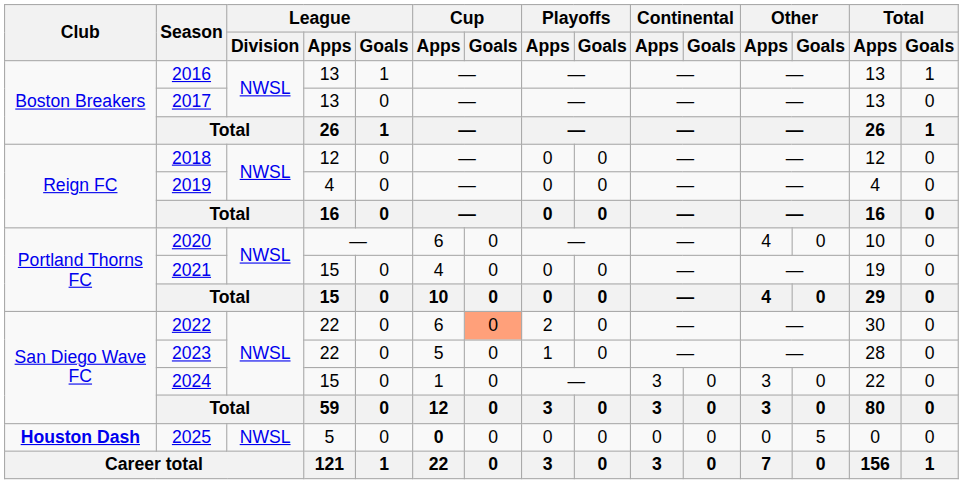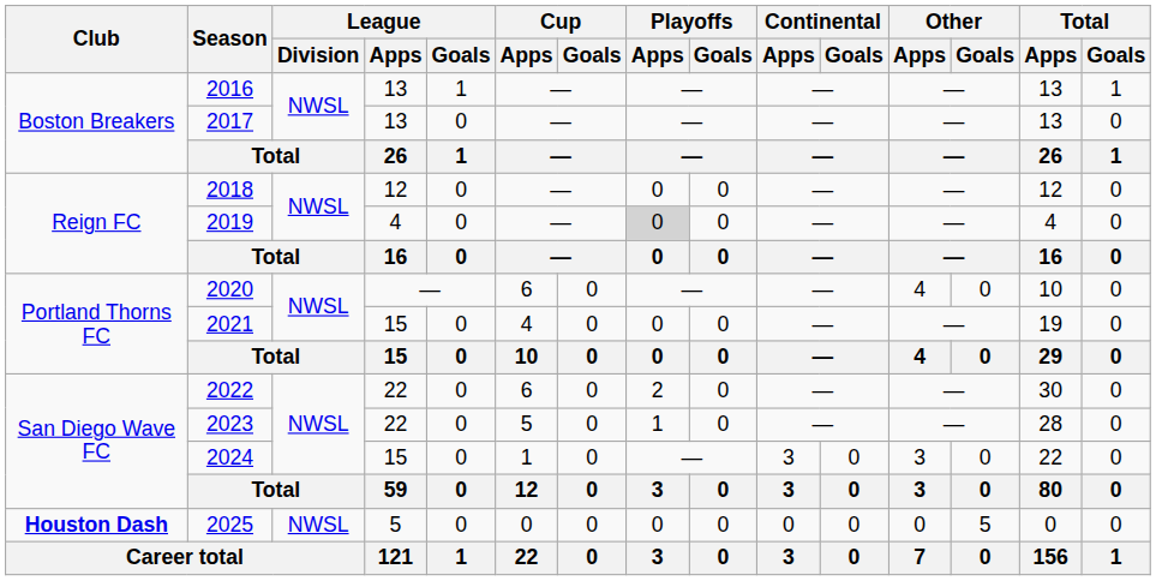 <table class="wikitable" style="text-align:center">
 <tr>
 <th rowspan="2">Club</th>
 <th rowspan="2">Season</th>
 <th colspan="3">League</th>
 <th colspan="2">Cup</th>
 <th colspan="2">Playoffs</th>
 <th colspan="2">Continental</th>
 <th colspan="2">Other</th>
 <th colspan="2">Total</th>
 </tr>
 <tr>
 <th>Division</th>
 <th>Apps</th>
 <th>Goals</th>
 <th>Apps</th>
 <th>Goals</th>
 <th>Apps</th>
 <th>Goals</th>
 <th>Apps</th>
 <th>Goals</th>
 <th>Apps</th>
 <th>Goals</th>
 <th>Apps</th>
 <th>Goals</th>
 </tr>
 <tr>
 <td rowspan="3"><a href='#'>Boston Breakers</a></td>
 <td><a href='#'>2016</a></td>
 <td rowspan="2"><a href='#'>NWSL</a></td>
 <td>13</td>
 <td>1</td>
 <td colspan="2">—</td>
 <td colspan="2">—</td>
 <td colspan="2">—</td>
 <td colspan="2">—</td>
 <td>13</td>
 <td>1</td>
 </tr>
 <tr>
 <td><a href='#'>2017</a></td>
 <td>13</td>
 <td>0</td>
 <td colspan="2">—</td>
 <td colspan="2">—</td>
 <td colspan="2">—</td>
 <td colspan="2">—</td>
 <td>13</td>
 <td>0</td>
 </tr>
 <tr>
 <th colspan="2">Total</th>
 <th>26</th>
 <th>1</th>
 <th colspan="2">—</th>
 <th colspan="2">—</th>
 <th colspan="2">—</th>
 <th colspan="2">—</th>
 <th>26</th>
 <th>1</th>
 </tr>
 <tr>
 <td rowspan="3"><a href='#'>Reign FC</a></td>
 <td><a href='#'>2018</a></td>
 <td rowspan="2"><a href='#'>NWSL</a></td>
 <td>12</td>
 <td>0</td>
 <td colspan="2">—</td>
 <td>0</td>
 <td>0</td>
 <td colspan="2">—</td>
 <td colspan="2">—</td>
 <td>12</td>
 <td>0</td>
 </tr>
 <tr>
 <td><a href='#'>2019</a></td>
 <td>4</td>
 <td>0</td>
 <td colspan="2">—</td>
-<td>0</td>
+<td style="background: lightgrey;">0</td>
 <td>0</td>
 <td colspan="2">—</td>
 <td colspan="2">—</td>
 <td>4</td>
 <td>0</td>
 </tr>
 <tr>
 <th colspan="2">Total</th>
 <th>16</th>
 <th>0</th>
 <th colspan="2">—</th>
 <th>0</th>
 <th>0</th>
 <th colspan="2">—</th>
 <th colspan="2">—</th>
 <th>16</th>
 <th>0</th>
 </tr>
 <tr>
 <td rowspan="3"><a href='#'>Portland Thorns FC</a></td>
 <td><a href='#'>2020</a></td>
 <td rowspan="2"><a href='#'>NWSL</a></td>
 <td colspan="2">—</td>
 <td>6</td>
 <td>0</td>
 <td colspan="2">—</td>
 <td colspan="2">—</td>
 <td>4</td>
 <td>0</td>
 <td>10</td>
 <td>0</td>
 </tr>
 <tr>
 <td><a href='#'>2021</a></td>
 <td>15</td>
 <td>0</td>
 <td>4</td>
 <td>0</td>
 <td>0</td>
 <td>0</td>
 <td colspan="2">—</td>
 <td colspan="2">—</td>
 <td>19</td>
 <td>0</td>
 </tr>
 <tr>
 <th colspan="2">Total</th>
 <th>15</th>
 <th>0</th>
 <th>10</th>
 <th>0</th>
 <th>0</th>
 <th>0</th>
 <th colspan="2">—</th>
 <th>4</th>
 <th>0</th>
 <th>29</th>
 <th>0</th>
 </tr>
 <tr>
 <td rowspan="4"><a href='#'>San Diego Wave FC</a></td>
 <td><a href='#'>2022</a></td>
 <td rowspan="3"><a href='#'>NWSL</a></td>
 <td>22</td>
 <td>0</td>
 <td>6</td>
-<td style="background: lightsalmon;">0</td>
+<td>0</td>
 <td>2</td>
 <td>0</td>
 <td colspan="2">—</td>
 <td colspan="2">—</td>
 <td>30</td>
 <td>0</td>
 </tr>
 <tr>
 <td><a href='#'>2023</a></td>
 <td>22</td>
 <td>0</td>
 <td>5</td>
 <td>0</td>
 <td>1</td>
 <td>0</td>
 <td colspan="2">—</td>
 <td colspan="2">—</td>
 <td>28</td>
 <td>0</td>
 </tr>
 <tr>
 <td><a href='#'>2024</a></td>
 <td>15</td>
 <td>0</td>
 <td>1</td>
 <td>0</td>
 <td colspan="2">—</td>
 <td>3</td>
 <td>0</td>
 <td>3</td>
 <td>0</td>
 <td>22</td>
 <td>0</td>
 </tr>
 <tr>
 <th colspan="2">Total</th>
 <th>59</th>
 <th>0</th>
 <th>12</th>
 <th>0</th>
 <th>3</th>
 <th>0</th>
 <th>3</th>
 <th>0</th>
 <th>3</th>
 <th>0</th>
 <th>80</th>
 <th>0</th>
 </tr>
 <tr>
 <td><strong><a href='#'>Houston Dash</a></strong></td>
 <td><a href='#'>2025</a></td>
 <td><a href='#'>NWSL</a></td>
 <td>5</td>
 <td>0</td>
-<td><strong>0</strong></td>
+<td>0</td>
 <td>0</td>
 <td>0</td>
 <td>0</td>
 <td>0</td>
 <td>0</td>
 <td>0</td>
 <td>5</td>
 <td>0</td>
 <td>0</td>
 </tr>
 <tr>
 <th colspan="3">Career total</th>
 <th>121</th>
 <th>1</th>
 <th>22</th>
 <th>0</th>
 <th>3</th>
 <th>0</th>
 <th>3</th>
 <th>0</th>
 <th>7</th>
 <th>0</th>
 <th>156</th>
 <th>1</th>
 </tr>
 </table>
